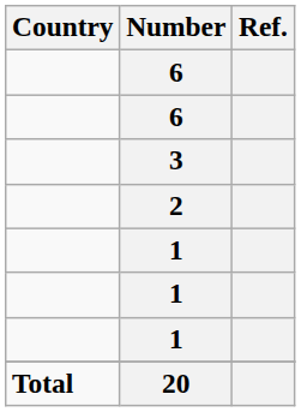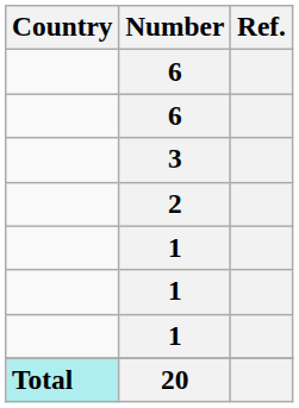 <table class="wikitable centre sortable">
 <tr>
 <th>Country</th>
 <th>Number</th>
 <th>Ref.</th>
 </tr>
 <tr>
 <td></td>
 <th>6</th>
 <th></th>
 </tr>
 <tr>
 <td></td>
 <th>6</th>
 <th></th>
 </tr>
 <tr>
 <td></td>
 <th>3</th>
 <th></th>
 </tr>
 <tr>
 <td></td>
 <th>2</th>
 <th></th>
 </tr>
 <tr>
 <td></td>
 <th>1</th>
 <th></th>
 </tr>
 <tr>
 <td></td>
 <th>1</th>
 <th></th>
 </tr>
 <tr>
 <td></td>
 <th>1</th>
 <th></th>
 </tr>
 <tr>
 </tr>
 <tr class="sortbottom">
-<td><strong>Total</strong></td>
+<td style="background: paleturquoise;"><strong>Total</strong></td>
 <th>20</th>
 <th></th>
 </tr>
 </table>
